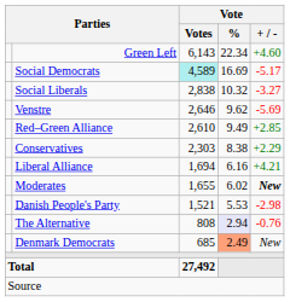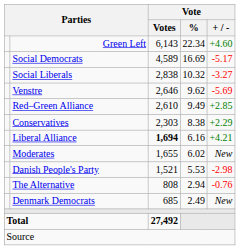 <table class="wikitable" style="text-align:right;">
 <tr>
 <th style="text-align:centre;" rowspan="2" colspan="2" width="225">Parties</th>
 <th colspan="3">Vote</th>
 </tr>
 <tr>
 <th width="15">Votes</th>
 <th width="15">%</th>
 <th width="15">+ / -</th>
 </tr>
 <tr>
 <td width=2 bgcolor=></td>
 <td><a href='#'>Green Left</a></td>
 <td>6,143</td>
 <td>22.34</td>
 <td style=color:green;>+4.60</td>
 </tr>
 <tr>
 <td width=2 bgcolor=></td>
 <td align=left><a href='#'>Social Democrats</a></td>
-<td style="background: paleturquoise;">4,589</td>
+<td>4,589</td>
 <td>16.69</td>
 <td style=color:red;>-5.17</td>
 </tr>
 <tr>
 <td width=2 bgcolor=></td>
 <td align=left><a href='#'>Social Liberals</a></td>
 <td>2,838</td>
 <td>10.32</td>
 <td style=color:red;>-3.27</td>
 </tr>
 <tr>
 <td width=2 bgcolor=></td>
 <td align=left><a href='#'>Venstre</a></td>
 <td>2,646</td>
 <td>9.62</td>
 <td style=color:red;>-5.69</td>
 </tr>
 <tr>
 <td width=2 bgcolor=></td>
 <td align=left><a href='#'>Red–Green Alliance</a></td>
 <td>2,610</td>
 <td>9.49</td>
 <td style=color:green;>+2.85</td>
 </tr>
 <tr>
 <td width=2 bgcolor=></td>
 <td align=left><a href='#'>Conservatives</a></td>
 <td>2,303</td>
 <td>8.38</td>
 <td style=color:green;>+2.29</td>
 </tr>
 <tr>
 <td width=2 bgcolor=></td>
 <td align=left><a href='#'>Liberal Alliance</a></td>
-<td>1,694</td>
+<td><strong>1,694</strong></td>
 <td>6.16</td>
 <td style=color:green;>+4.21</td>
 </tr>
 <tr>
 <td width=2 bgcolor=></td>
 <td align=left><a href='#'>Moderates</a></td>
 <td>1,655</td>
 <td>6.02</td>
-<td><strong><em>New</em></strong></td>
+<td><em>New</em></td>
 </tr>
 <tr>
 <td width=2 bgcolor=></td>
 <td align=left><a href='#'>Danish People's Party</a></td>
 <td>1,521</td>
 <td>5.53</td>
 <td style=color:red;>-2.98</td>
 </tr>
 <tr>
 <td width=2 bgcolor=></td>
 <td align=left><a href='#'>The Alternative</a></td>
 <td>808</td>
-<td style="background: lavender;">2.94</td>
+<td>2.94</td>
 <td style=color:red;>-0.76</td>
 </tr>
 <tr>
 <td width=2 bgcolor=></td>
 <td align=left><a href='#'>Denmark Democrats</a></td>
 <td>685</td>
-<td style="background: lightsalmon;">2.49</td>
+<td>2.49</td>
 <td><em>New</em></td>
 </tr>
 <tr>
 <td colspan="7" bgcolor="#E9E9E9"></td>
 </tr>
 <tr>
 <td align="left" colspan="2"><strong>Total</strong></td>
 <td><strong>27,492</strong></td>
 <td bgcolor=#E9E9E9 colspan=2></td>
 </tr>
 <tr>
 <td align="left" colspan="6">Source</td>
 </tr>
 </table>
